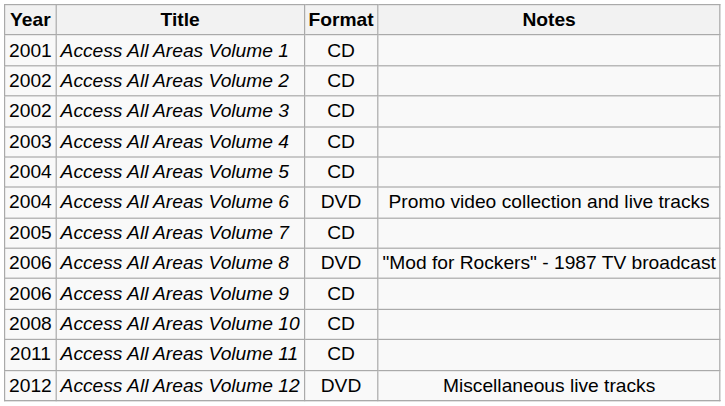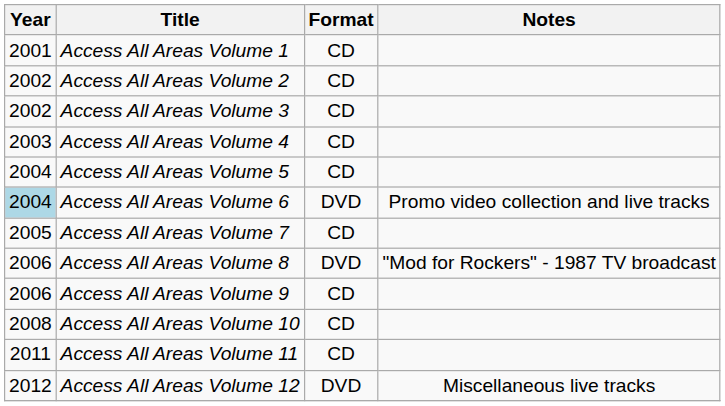 <table class="wikitable">
 <tr>
 <th align="center">Year</th>
 <th align="center">Title</th>
 <th align="center">Format</th>
 <th align="center">Notes</th>
 </tr>
 <tr>
 <td style="text-align:center;">2001</td>
 <td><em>Access All Areas Volume 1</em></td>
 <td style="text-align:center;">CD</td>
 <td style="text-align:center;"></td>
 </tr>
 <tr>
 <td style="text-align:center;">2002</td>
 <td><em>Access All Areas Volume 2</em></td>
 <td style="text-align:center;">CD</td>
 <td style="text-align:center;"></td>
 </tr>
 <tr>
 <td style="text-align:center;">2002</td>
 <td><em>Access All Areas Volume 3</em></td>
 <td style="text-align:center;">CD</td>
 <td style="text-align:center;"></td>
 </tr>
 <tr>
 <td style="text-align:center;">2003</td>
 <td><em>Access All Areas Volume 4</em></td>
 <td style="text-align:center;">CD</td>
 <td style="text-align:center;"></td>
 </tr>
 <tr>
 <td style="text-align:center;">2004</td>
 <td><em>Access All Areas Volume 5</em></td>
 <td style="text-align:center;">CD</td>
 <td style="text-align:center;"></td>
 </tr>
 <tr>
-<td style="text-align:center;">2004</td>
+<td style="background: lightblue; text-align:center;">2004</td>
 <td><em>Access All Areas Volume 6</em></td>
 <td style="text-align:center;">DVD</td>
 <td style="text-align:center;">Promo video collection and live tracks</td>
 </tr>
 <tr>
 <td style="text-align:center;">2005</td>
 <td><em>Access All Areas Volume 7</em></td>
 <td style="text-align:center;">CD</td>
 <td style="text-align:center;"></td>
 </tr>
 <tr>
 <td style="text-align:center;">2006</td>
 <td><em>Access All Areas Volume 8</em></td>
 <td style="text-align:center;">DVD</td>
 <td style="text-align:center;">"Mod for Rockers" - 1987 TV broadcast</td>
 </tr>
 <tr>
 <td style="text-align:center;">2006</td>
 <td><em>Access All Areas Volume 9</em></td>
 <td style="text-align:center;">CD</td>
 <td style="text-align:center;"></td>
 </tr>
 <tr>
 <td style="text-align:center;">2008</td>
 <td><em>Access All Areas Volume 10</em></td>
 <td style="text-align:center;">CD</td>
 <td style="text-align:center;"></td>
 </tr>
 <tr>
 <td style="text-align:center;">2011</td>
 <td><em>Access All Areas Volume 11</em></td>
 <td style="text-align:center;">CD</td>
 <td style="text-align:center;"></td>
 </tr>
 <tr>
 <td style="text-align:center;">2012</td>
 <td><em>Access All Areas Volume 12</em></td>
 <td style="text-align:center;">DVD</td>
 <td style="text-align:center;">Miscellaneous live tracks</td>
 </tr>
 <tr>
 </tr>
 </table>
